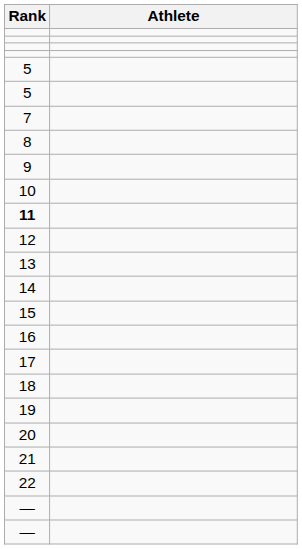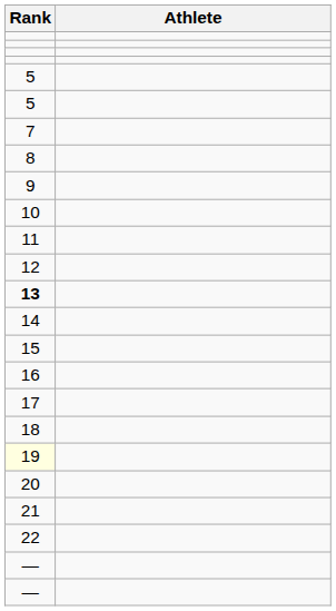 <table class="wikitable" style="text-align: center;">
 <tr>
 <th width=40>Rank</th>
 <th width=250>Athlete</th>
 </tr>
 <tr>
 <td></td>
 <td align="left"></td>
 </tr>
 <tr>
 <td></td>
 <td align="left"></td>
 </tr>
 <tr>
 <td></td>
 <td align="left"></td>
 </tr>
 <tr>
 <td></td>
 <td align="left"></td>
 </tr>
 <tr>
 <td>5</td>
 <td align="left"></td>
 </tr>
 <tr>
 <td>5</td>
 <td align="left"></td>
 </tr>
 <tr>
 <td>7</td>
 <td align="left"></td>
 </tr>
 <tr>
 <td>8</td>
 <td align="left"></td>
 </tr>
 <tr>
 <td>9</td>
 <td align="left"></td>
 </tr>
 <tr>
 <td>10</td>
 <td align="left"></td>
 </tr>
 <tr>
-<td><strong>11</strong></td>
+<td>11</td>
 <td align="left"></td>
 </tr>
 <tr>
 <td>12</td>
 <td align="left"></td>
 </tr>
 <tr>
-<td>13</td>
+<td><strong>13</strong></td>
 <td align="left"></td>
 </tr>
 <tr>
 <td>14</td>
 <td align="left"></td>
 </tr>
 <tr>
 <td>15</td>
 <td align="left"></td>
 </tr>
 <tr>
 <td>16</td>
 <td align="left"></td>
 </tr>
 <tr>
 <td>17</td>
 <td align="left"></td>
 </tr>
 <tr>
 <td>18</td>
 <td align="left"></td>
 </tr>
 <tr>
-<td>19</td>
+<td style="background: lightyellow;">19</td>
 <td align="left"></td>
 </tr>
 <tr>
 <td>20</td>
 <td align="left"></td>
 </tr>
 <tr>
 <td>21</td>
 <td align="left"></td>
 </tr>
 <tr>
 <td>22</td>
 <td align="left"></td>
 </tr>
 <tr>
 <td>—</td>
 <td align="left"></td>
 </tr>
 <tr>
 <td>—</td>
 <td align="left"></td>
 </tr>
 </table>
